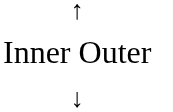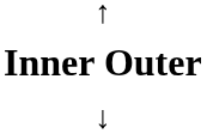 <table style="text-align:center;">
 <tr>
 <td><small>  ↑ </small></td>
 </tr>
 <tr>
-<td><span>Inner</span>   <span>Outer</span></td>
+<td><strong><span>Inner</span>   <span>Outer</span></strong></td>
 </tr>
 <tr>
 <td><small> ↓  </small></td>
 </tr>
 </table>
